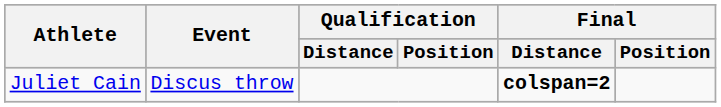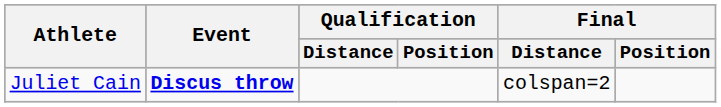 <table class=wikitable style=font-size:90%>
 <tr>
 <th rowspan=2>Athlete</th>
 <th rowspan=2>Event</th>
 <th colspan=2>Qualification</th>
 <th colspan=2>Final</th>
 </tr>
 <tr style=font-size:95%>
 <th>Distance</th>
 <th>Position</th>
 <th>Distance</th>
 <th>Position</th>
 </tr>
 <tr align=center>
 <td align=left><a href='#'>Juliet Cain</a></td>
-<td align=left><a href='#'>Discus throw</a></td>
+<td align=left><strong><a href='#'>Discus throw</a></strong></td>
 <td colspan=2></td>
-<td><strong>colspan=2 </strong></td>
+<td>colspan=2 </td>
 </tr>
 </table>
